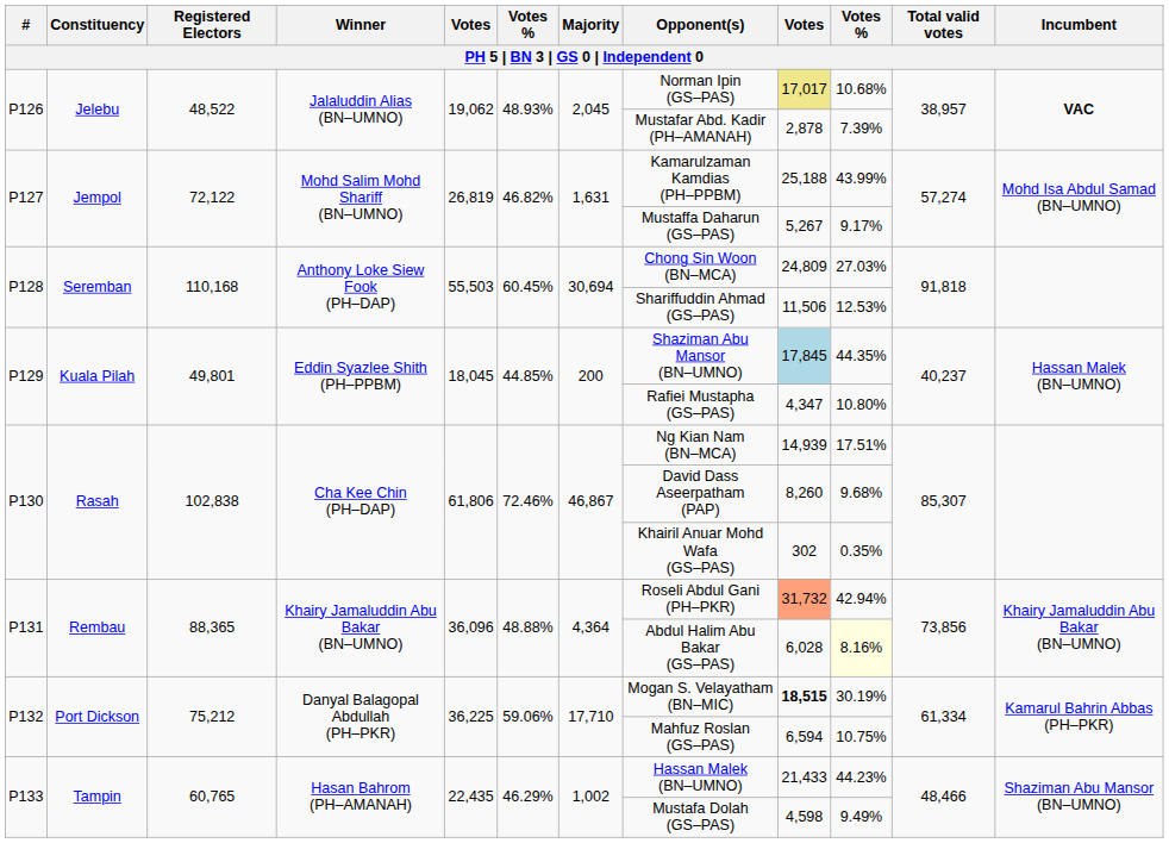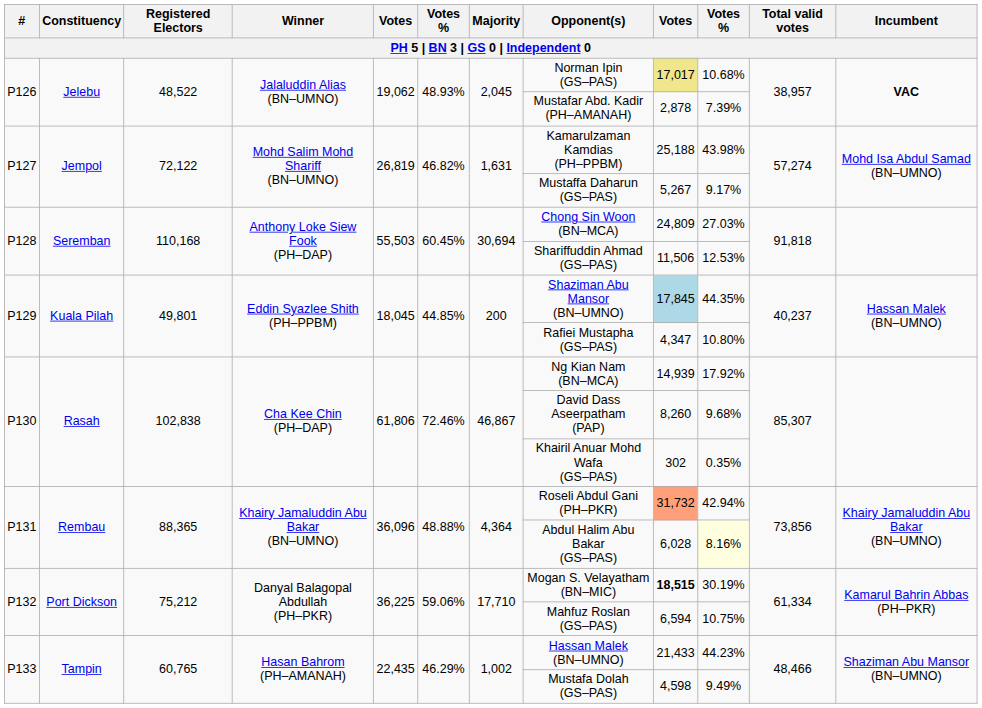 <table class="wikitable sortable" style">
 <tr>
 <th>#</th>
 <th>Constituency</th>
 <th>Registered Electors</th>
 <th>Winner</th>
 <th>Votes</th>
 <th>Votes %</th>
 <th>Majority</th>
 <th>Opponent(s)</th>
 <th>Votes</th>
 <th>Votes %</th>
 <th>Total valid votes</th>
 <th>Incumbent</th>
 </tr>
 <tr>
 <th colspan="13"><a href='#'>PH</a> <strong>5</strong> | <a href='#'>BN</a> <strong>3</strong> | <a href='#'>GS</a> <strong>0</strong> | <a href='#'>Independent</a> <strong>0</strong></th>
 </tr>
 <tr align="center">
 <td rowspan=2>P126</td>
 <td rowspan=2><a href='#'>Jelebu</a></td>
 <td rowspan=2>48,522</td>
 <td rowspan=2><a href='#'>Jalaluddin Alias</a><br>(BN–UMNO)</td>
 <td rowspan=2>19,062</td>
 <td rowspan=2>48.93%</td>
 <td rowspan=2>2,045</td>
 <td>Norman Ipin<br>(GS–PAS)</td>
 <td style="background: khaki;">17,017</td>
 <td>10.68%</td>
 <td rowspan=2>38,957</td>
 <td rowspan=2><strong>VAC</strong></td>
 </tr>
 <tr align="center">
 <td>Mustafar Abd. Kadir<br>(PH–AMANAH)</td>
 <td>2,878</td>
 <td>7.39%</td>
 </tr>
 <tr align="center">
 <td rowspan=2>P127</td>
 <td rowspan=2><a href='#'>Jempol</a></td>
 <td rowspan=2>72,122</td>
 <td rowspan=2><a href='#'>Mohd Salim Mohd Shariff</a><br>(BN–UMNO)</td>
 <td rowspan=2>26,819</td>
 <td rowspan=2>46.82%</td>
 <td rowspan=2>1,631</td>
 <td>Kamarulzaman Kamdias<br>(PH–PPBM)</td>
 <td>25,188</td>
-<td>43.99%</td>
+<td>43.98%</td>
 <td rowspan=2>57,274</td>
 <td rowspan=2><a href='#'>Mohd Isa Abdul Samad</a><br>(BN–UMNO)</td>
 </tr>
 <tr align="center">
 <td>Mustaffa Daharun<br>(GS–PAS)</td>
 <td>5,267</td>
 <td>9.17%</td>
 </tr>
 <tr align="center">
 <td rowspan=2>P128</td>
 <td rowspan=2><a href='#'>Seremban</a></td>
 <td rowspan=2>110,168</td>
 <td rowspan=2><a href='#'>Anthony Loke Siew Fook</a><br>(PH–DAP)</td>
 <td rowspan=2>55,503</td>
 <td rowspan=2>60.45%</td>
 <td rowspan=2>30,694</td>
 <td><a href='#'>Chong Sin Woon</a><br>(BN–MCA)</td>
 <td>24,809</td>
 <td>27.03%</td>
 <td rowspan=2>91,818</td>
 <td rowspan=2></td>
 </tr>
 <tr align="center">
 <td>Shariffuddin Ahmad<br>(GS–PAS)</td>
 <td>11,506</td>
 <td>12.53%</td>
 </tr>
 <tr align="center">
 <td rowspan=2>P129</td>
 <td rowspan=2><a href='#'>Kuala Pilah</a></td>
 <td rowspan=2>49,801</td>
 <td rowspan=2><a href='#'>Eddin Syazlee Shith</a><br>(PH–PPBM)</td>
 <td rowspan=2>18,045</td>
 <td rowspan=2>44.85%</td>
 <td rowspan=2>200</td>
 <td><a href='#'>Shaziman Abu Mansor</a><br>(BN–UMNO)</td>
 <td style="background: lightblue;">17,845</td>
 <td>44.35%</td>
 <td rowspan=2>40,237</td>
 <td rowspan=2><a href='#'>Hassan Malek</a> <br>(BN–UMNO)</td>
 </tr>
 <tr align="center">
 <td>Rafiei Mustapha<br>(GS–PAS)</td>
 <td>4,347</td>
 <td>10.80%</td>
 </tr>
 <tr align="center">
 <td rowspan=3>P130</td>
 <td rowspan=3><a href='#'>Rasah</a></td>
 <td rowspan=3>102,838</td>
 <td rowspan=3><a href='#'>Cha Kee Chin</a><br>(PH–DAP)</td>
 <td rowspan=3>61,806</td>
 <td rowspan=3>72.46%</td>
 <td rowspan=3>46,867</td>
 <td>Ng Kian Nam<br>(BN–MCA)</td>
 <td>14,939</td>
-<td>17.51%</td>
+<td>17.92%</td>
 <td rowspan=3>85,307</td>
 <td rowspan=3></td>
 </tr>
 <tr align="center">
 <td>David Dass Aseerpatham <br>(PAP)</td>
 <td>8,260</td>
 <td>9.68%</td>
 </tr>
 <tr align="center">
 <td>Khairil Anuar Mohd Wafa<br>(GS–PAS)</td>
 <td>302</td>
 <td>0.35%</td>
 </tr>
 <tr align="center">
 <td rowspan=2>P131</td>
 <td rowspan=2><a href='#'>Rembau</a></td>
 <td rowspan=2>88,365</td>
 <td rowspan=2><a href='#'>Khairy Jamaluddin Abu Bakar</a><br>(BN–UMNO)</td>
 <td rowspan=2>36,096</td>
 <td rowspan=2>48.88%</td>
 <td rowspan=2>4,364</td>
 <td>Roseli Abdul Gani<br>(PH–PKR)</td>
 <td style="background: lightsalmon;">31,732</td>
 <td>42.94%</td>
 <td rowspan=2>73,856</td>
 <td rowspan=2><a href='#'>Khairy Jamaluddin Abu Bakar</a><br>(BN–UMNO)</td>
 </tr>
 <tr align="center">
 <td>Abdul Halim Abu Bakar<br>(GS–PAS)</td>
 <td>6,028</td>
 <td style="background: lightyellow;">8.16%</td>
 </tr>
 <tr align="center">
 <td rowspan=2>P132</td>
 <td rowspan=2><a href='#'>Port Dickson</a></td>
 <td rowspan=2>75,212</td>
 <td rowspan=2>Danyal Balagopal Abdullah<br>(PH–PKR)</td>
 <td rowspan=2>36,225</td>
 <td rowspan=2>59.06%</td>
 <td rowspan=2>17,710</td>
 <td>Mogan S. Velayatham<br>(BN–MIC)</td>
 <td><strong>18,515</strong></td>
 <td>30.19%</td>
 <td rowspan=2>61,334</td>
 <td rowspan=2><a href='#'>Kamarul Bahrin Abbas</a><br>(PH–PKR)</td>
 </tr>
 <tr align="center">
 <td>Mahfuz Roslan<br>(GS–PAS)</td>
 <td>6,594</td>
 <td>10.75%</td>
 </tr>
 <tr align="center">
 <td rowspan=2>P133</td>
 <td rowspan=2><a href='#'>Tampin</a></td>
 <td rowspan=2>60,765</td>
 <td rowspan=2><a href='#'>Hasan Bahrom</a><br>(PH–AMANAH)</td>
 <td rowspan=2>22,435</td>
 <td rowspan=2>46.29%</td>
 <td rowspan=2>1,002</td>
 <td><a href='#'>Hassan Malek</a> <br>(BN–UMNO)</td>
 <td>21,433</td>
 <td>44.23%</td>
 <td rowspan=2>48,466</td>
 <td rowspan=2><a href='#'>Shaziman Abu Mansor</a><br>(BN–UMNO)</td>
 </tr>
 <tr align="center">
 <td>Mustafa Dolah<br>(GS–PAS)</td>
 <td>4,598</td>
 <td>9.49%</td>
 </tr>
 </table>
